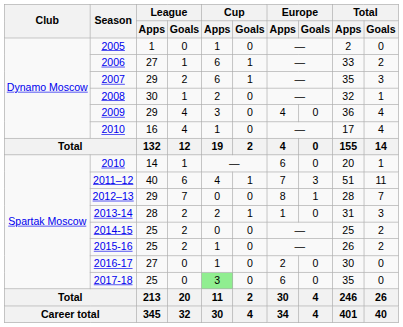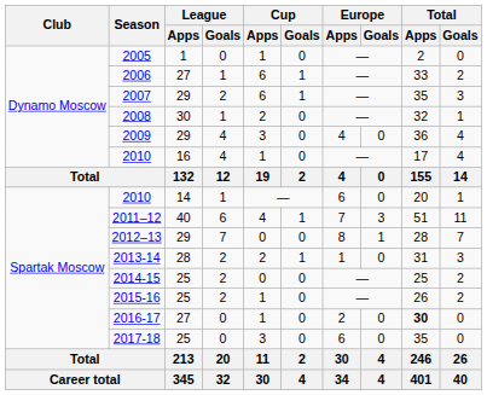 <table class="wikitable" style="text-align: center;">
 <tr>
 <th rowspan="2">Club</th>
 <th rowspan="2">Season</th>
 <th colspan="2">League</th>
 <th colspan="2">Cup</th>
 <th colspan="2">Europe</th>
 <th colspan="2">Total</th>
 </tr>
 <tr>
 <th>Apps</th>
 <th>Goals</th>
 <th>Apps</th>
 <th>Goals</th>
 <th>Apps</th>
 <th>Goals</th>
 <th>Apps</th>
 <th>Goals</th>
 </tr>
 <tr>
 <td rowspan="6" valign="center"><a href='#'>Dynamo Moscow</a></td>
 <td><a href='#'>2005</a></td>
 <td>1</td>
 <td>0</td>
 <td>1</td>
 <td>0</td>
 <td colspan="2">—</td>
 <td>2</td>
 <td>0</td>
 </tr>
 <tr>
 <td><a href='#'>2006</a></td>
 <td>27</td>
 <td>1</td>
 <td>6</td>
 <td>1</td>
 <td colspan="2">—</td>
 <td>33</td>
 <td>2</td>
 </tr>
 <tr>
 <td><a href='#'>2007</a></td>
 <td>29</td>
 <td>2</td>
 <td>6</td>
 <td>1</td>
 <td colspan="2">—</td>
 <td>35</td>
 <td>3</td>
 </tr>
 <tr>
 <td><a href='#'>2008</a></td>
 <td>30</td>
 <td>1</td>
 <td>2</td>
 <td>0</td>
 <td colspan="2">—</td>
 <td>32</td>
 <td>1</td>
 </tr>
 <tr>
 <td><a href='#'>2009</a></td>
 <td>29</td>
 <td>4</td>
 <td>3</td>
 <td>0</td>
 <td>4</td>
 <td>0</td>
 <td>36</td>
 <td>4</td>
 </tr>
 <tr>
 <td><a href='#'>2010</a></td>
 <td>16</td>
 <td>4</td>
 <td>1</td>
 <td>0</td>
 <td colspan="2">—</td>
 <td>17</td>
 <td>4</td>
 </tr>
 <tr>
 <th colspan="2">Total</th>
 <th>132</th>
 <th>12</th>
 <th>19</th>
 <th>2</th>
 <th>4</th>
 <th>0</th>
 <th>155</th>
 <th>14</th>
 </tr>
 <tr>
 <td rowspan="8" valign="center"><a href='#'>Spartak Moscow</a></td>
 <td><a href='#'>2010</a></td>
 <td>14</td>
 <td>1</td>
 <td colspan="2">—</td>
 <td>6</td>
 <td>0</td>
 <td>20</td>
 <td>1</td>
 </tr>
 <tr>
 <td><a href='#'>2011–12</a></td>
 <td>40</td>
 <td>6</td>
 <td>4</td>
 <td>1</td>
 <td>7</td>
 <td>3</td>
 <td>51</td>
 <td>11</td>
 </tr>
 <tr>
 <td><a href='#'>2012–13</a></td>
 <td>29</td>
 <td>7</td>
 <td>0</td>
 <td>0</td>
 <td>8</td>
 <td>1</td>
 <td>28</td>
 <td>7</td>
 </tr>
 <tr>
 <td><a href='#'>2013-14</a></td>
 <td>28</td>
 <td>2</td>
 <td>2</td>
 <td>1</td>
 <td>1</td>
 <td>0</td>
 <td>31</td>
 <td>3</td>
 </tr>
 <tr>
 <td><a href='#'>2014-15</a></td>
 <td>25</td>
 <td>2</td>
 <td>0</td>
 <td>0</td>
 <td colspan="2">—</td>
 <td>25</td>
 <td>2</td>
 </tr>
 <tr>
 <td><a href='#'>2015-16</a></td>
 <td>25</td>
 <td>2</td>
 <td>1</td>
 <td>0</td>
 <td colspan="2">—</td>
 <td>26</td>
 <td>2</td>
 </tr>
 <tr>
 <td><a href='#'>2016-17</a></td>
 <td>27</td>
 <td>0</td>
 <td>1</td>
 <td>0</td>
 <td>2</td>
 <td>0</td>
-<td>30</td>
+<td><strong>30</strong></td>
 <td>0</td>
 </tr>
 <tr>
 <td><a href='#'>2017-18</a></td>
 <td>25</td>
 <td>0</td>
-<td style="background: lightgreen;">3</td>
+<td>3</td>
 <td>0</td>
 <td>6</td>
 <td>0</td>
 <td>35</td>
 <td>0</td>
 </tr>
 <tr>
 <th colspan="2">Total</th>
 <th>213</th>
 <th>20</th>
 <th>11</th>
 <th>2</th>
 <th>30</th>
 <th>4</th>
 <th>246</th>
 <th>26</th>
 </tr>
 <tr>
 <th colspan="2">Career total</th>
 <th>345</th>
 <th>32</th>
 <th>30</th>
 <th>4</th>
 <th>34</th>
 <th>4</th>
 <th>401</th>
 <th>40</th>
 </tr>
 </table>
